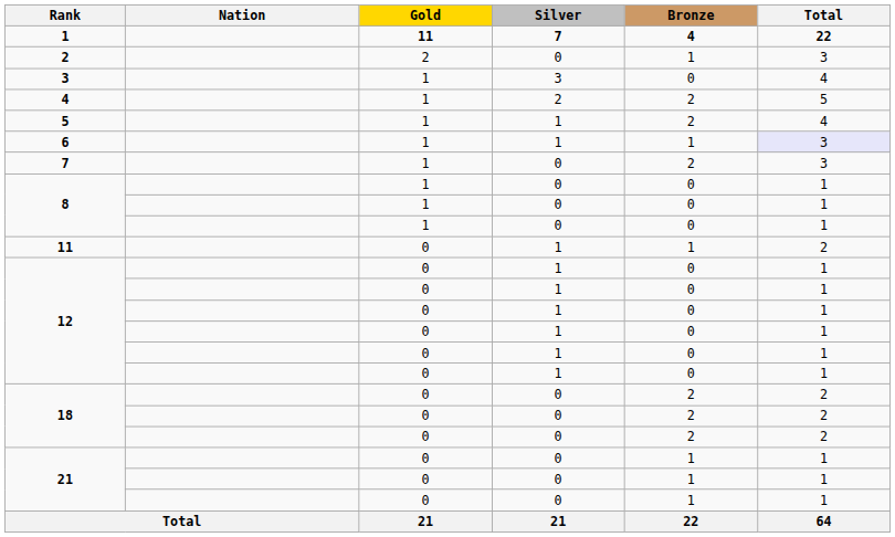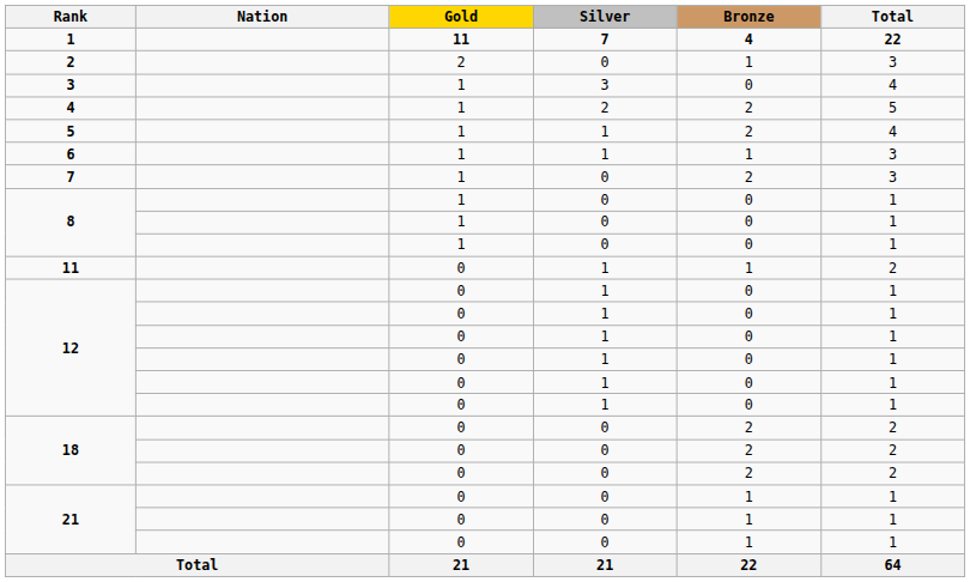 <table class="wikitable collapsible autocollapse plainrowheaders" width=70.5% style="text-align:center;">
 <tr style="background-color:#EDEDED;">
 <th width=100px class="hintergrundfarbe5">Rank</th>
 <th width=200px class="hintergrundfarbe6">Nation</th>
 <th style="background:    gold; width:15%">Gold</th>
 <th style="background:  silver; width:15%">Silver</th>
 <th style="background: #CC9966; width:15%">Bronze</th>
 <th class="hintergrundfarbe6" style="width:15%">Total</th>
 </tr>
 <tr>
 <td><strong>1</strong></td>
 <td align=left></td>
 <td><strong>11</strong></td>
 <td><strong>7</strong></td>
 <td><strong>4</strong></td>
 <td><strong>22</strong></td>
 </tr>
 <tr>
 <td><strong>2</strong></td>
 <td align=left></td>
 <td>2</td>
 <td>0</td>
 <td>1</td>
 <td>3</td>
 </tr>
 <tr>
 <td><strong>3</strong></td>
 <td align=left></td>
 <td>1</td>
 <td>3</td>
 <td>0</td>
 <td>4</td>
 </tr>
 <tr>
 <td><strong>4</strong></td>
 <td align=left></td>
 <td>1</td>
 <td>2</td>
 <td>2</td>
 <td>5</td>
 </tr>
 <tr>
 <td><strong>5</strong></td>
 <td align=left></td>
 <td>1</td>
 <td>1</td>
 <td>2</td>
 <td>4</td>
 </tr>
 <tr>
 <td><strong>6</strong></td>
 <td align=left></td>
 <td>1</td>
 <td>1</td>
 <td>1</td>
-<td style="background: lavender;">3</td>
+<td>3</td>
 </tr>
 <tr>
 <td><strong>7</strong></td>
 <td align=left></td>
 <td>1</td>
 <td>0</td>
 <td>2</td>
 <td>3</td>
 </tr>
 <tr>
 <td rowspan=3><strong>8</strong></td>
 <td align=left></td>
 <td>1</td>
 <td>0</td>
 <td>0</td>
 <td>1</td>
 </tr>
 <tr>
 <td align=left></td>
 <td>1</td>
 <td>0</td>
 <td>0</td>
 <td>1</td>
 </tr>
 <tr>
 <td align=left></td>
 <td>1</td>
 <td>0</td>
 <td>0</td>
 <td>1</td>
 </tr>
 <tr>
 <td><strong>11</strong></td>
 <td align=left></td>
 <td>0</td>
 <td>1</td>
 <td>1</td>
 <td>2</td>
 </tr>
 <tr>
 <td rowspan=6><strong>12</strong></td>
 <td align=left></td>
 <td>0</td>
 <td>1</td>
 <td>0</td>
 <td>1</td>
 </tr>
 <tr>
 <td align=left><em></em></td>
 <td>0</td>
 <td>1</td>
 <td>0</td>
 <td>1</td>
 </tr>
 <tr>
 <td align=left></td>
 <td>0</td>
 <td>1</td>
 <td>0</td>
 <td>1</td>
 </tr>
 <tr>
 <td align=left></td>
 <td>0</td>
 <td>1</td>
 <td>0</td>
 <td>1</td>
 </tr>
 <tr>
 <td align=left></td>
 <td>0</td>
 <td>1</td>
 <td>0</td>
 <td>1</td>
 </tr>
 <tr>
 <td align=left><em></em></td>
 <td>0</td>
 <td>1</td>
 <td>0</td>
 <td>1</td>
 </tr>
 <tr>
 <td rowspan=3><strong>18</strong></td>
 <td align=left></td>
 <td>0</td>
 <td>0</td>
 <td>2</td>
 <td>2</td>
 </tr>
 <tr>
 <td align=left></td>
 <td>0</td>
 <td>0</td>
 <td>2</td>
 <td>2</td>
 </tr>
 <tr>
 <td align=left></td>
 <td>0</td>
 <td>0</td>
 <td>2</td>
 <td>2</td>
 </tr>
 <tr>
 <td rowspan=3><strong>21</strong></td>
 <td align=left><em></em></td>
 <td>0</td>
 <td>0</td>
 <td>1</td>
 <td>1</td>
 </tr>
 <tr>
 <td align=left></td>
 <td>0</td>
 <td>0</td>
 <td>1</td>
 <td>1</td>
 </tr>
 <tr>
 <td align=left></td>
 <td>0</td>
 <td>0</td>
 <td>1</td>
 <td>1</td>
 </tr>
 <tr>
 <th colspan=2>Total</th>
 <th>21</th>
 <th>21</th>
 <th>22</th>
 <th>64</th>
 </tr>
 </table>
